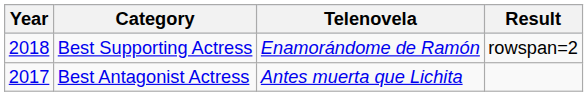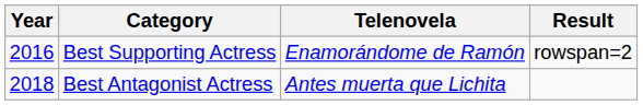 <table class="wikitable">
 <tr style="background:#b0c4de;">
 <th>Year</th>
 <th>Category</th>
 <th>Telenovela</th>
 <th>Result</th>
 </tr>
 <tr>
-<td><a href='#'>2018</a></td>
+<td><a href='#'>2016</a></td>
 <td><a href='#'>Best Supporting Actress</a></td>
 <td><em><a href='#'>Enamorándome de Ramón</a></em></td>
 <td>rowspan=2 </td>
 </tr>
 <tr>
-<td><a href='#'>2017</a></td>
+<td><a href='#'>2018</a></td>
 <td><a href='#'>Best Antagonist Actress</a></td>
 <td><em><a href='#'>Antes muerta que Lichita</a></em></td>
 </tr>
 </table>
